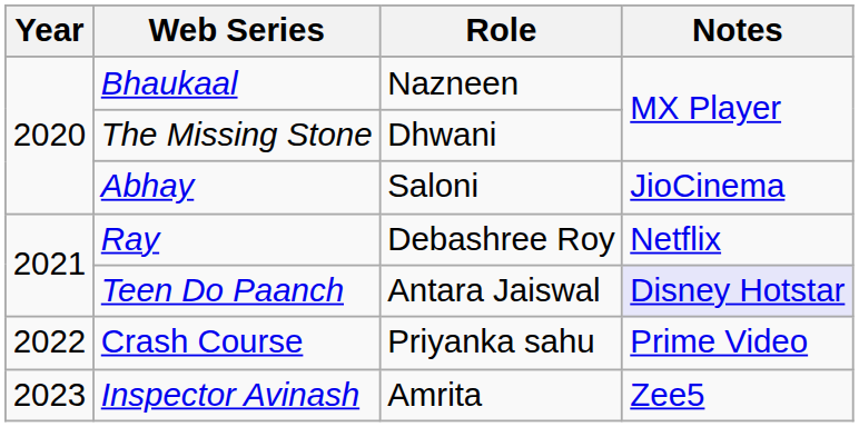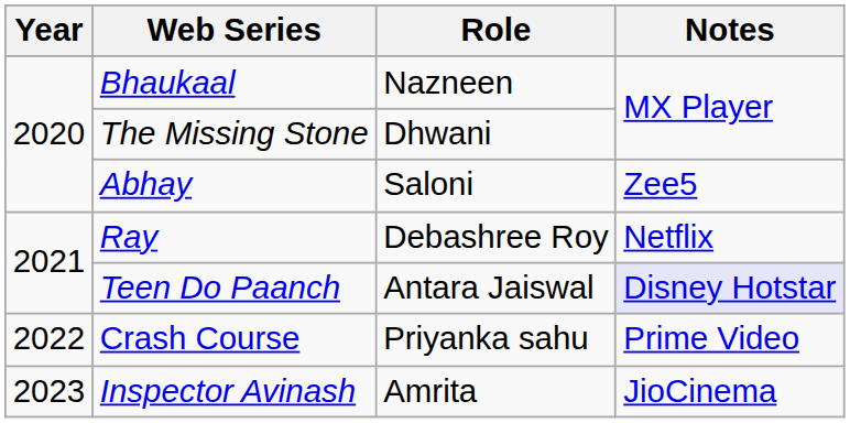 <table class="wikitable sortable">
 <tr>
 <th>Year</th>
 <th>Web Series</th>
 <th>Role</th>
 <th>Notes</th>
 </tr>
 <tr>
 <td rowspan="3">2020</td>
 <td><em><a href='#'>Bhaukaal</a></em></td>
 <td>Nazneen</td>
 <td rowspan=2><a href='#'>MX Player</a></td>
 </tr>
 <tr>
 <td><em>The Missing Stone</em></td>
 <td>Dhwani</td>
 </tr>
 <tr>
 <td><em><a href='#'>Abhay</a></em></td>
 <td>Saloni</td>
-<td><a href='#'>JioCinema</a></td>
+<td><a href='#'>Zee5</a></td>
 </tr>
 <tr>
 <td rowspan=2>2021</td>
 <td><em><a href='#'>Ray</a></em></td>
 <td>Debashree Roy</td>
 <td><a href='#'>Netflix</a></td>
 </tr>
 <tr>
 <td><em><a href='#'>Teen Do Paanch</a></em></td>
 <td>Antara Jaiswal</td>
 <td style="background: lavender;"><a href='#'>Disney Hotstar</a></td>
 </tr>
 <tr>
 <td>2022</td>
 <td><a href='#'>Crash Course</a></td>
 <td>Priyanka sahu</td>
 <td><a href='#'>Prime Video</a></td>
 </tr>
 <tr>
 <td>2023</td>
 <td><em><a href='#'>Inspector Avinash</a></em></td>
 <td>Amrita</td>
-<td><a href='#'>Zee5</a></td>
+<td><a href='#'>JioCinema</a></td>
 </tr>
 </table>
